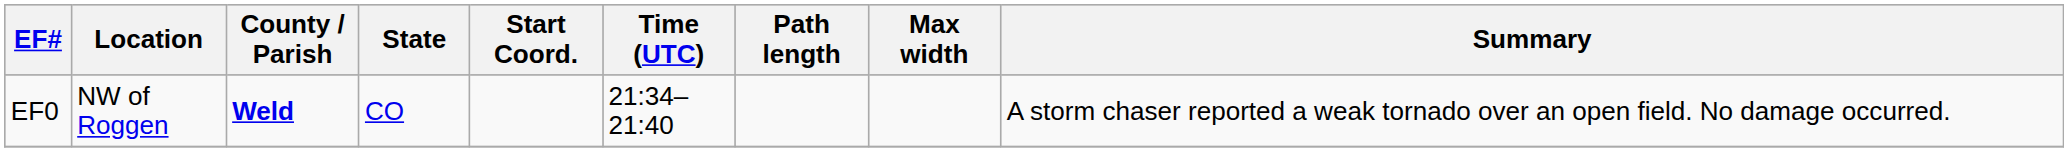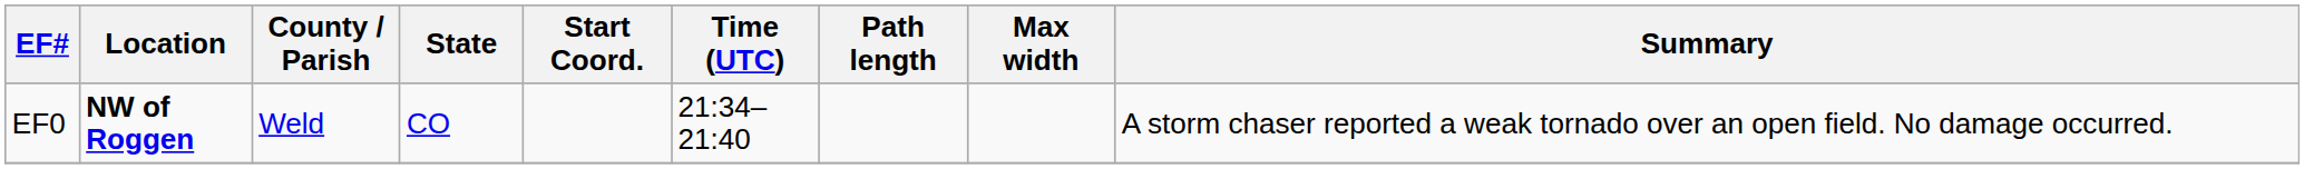 <table class="wikitable sortable" style="width:100%;">
 <tr>
 <th scope="col" style="width:3%; text-align:center;"><a href='#'>EF#</a></th>
 <th scope="col" style="width:7%; text-align:center;" class="unsortable">Location</th>
 <th scope="col" style="width:6%; text-align:center;" class="unsortable">County / Parish</th>
 <th scope="col" style="width:5%; text-align:center;">State</th>
 <th scope="col" style="width:6%; text-align:center;">Start Coord.</th>
 <th scope="col" style="width:6%; text-align:center;">Time (<a href='#'>UTC</a>)</th>
 <th scope="col" style="width:6%; text-align:center;">Path length</th>
 <th scope="col" style="width:6%; text-align:center;">Max width</th>
 <th scope="col" class="unsortable" style="width:48%; text-align:center;">Summary</th>
 </tr>
 <tr>
 <td bgcolor=>EF0</td>
-<td>NW of <a href='#'>Roggen</a></td>
-<td><strong><a href='#'>Weld</a></strong></td>
+<td><strong>NW of <a href='#'>Roggen</a></strong></td>
+<td><a href='#'>Weld</a></td>
 <td><a href='#'>CO</a></td>
 <td></td>
 <td>21:34–21:40</td>
 <td></td>
 <td></td>
 <td>A storm chaser reported a weak tornado over an open field. No damage occurred.</td>
 </tr>
 <tr>
 </tr>
 </table>
